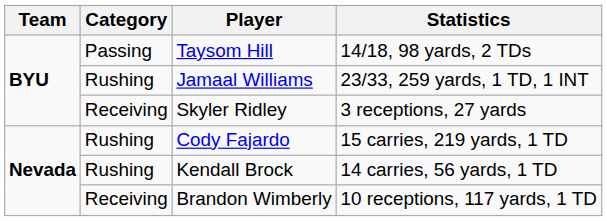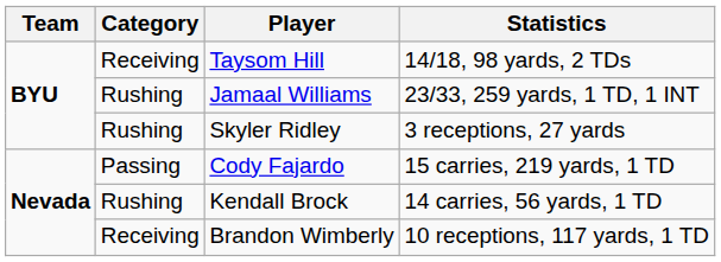 <table class="wikitable" style="float: left;">
 <tr>
 <th>Team</th>
 <th>Category</th>
 <th>Player</th>
 <th>Statistics</th>
 </tr>
 <tr>
 <td rowspan=3><strong>BYU</strong></td>
-<td>Passing</td>
+<td>Receiving</td>
 <td><a href='#'>Taysom Hill</a></td>
 <td>14/18, 98 yards, 2 TDs</td>
 </tr>
 <tr>
 <td>Rushing</td>
 <td><a href='#'>Jamaal Williams</a></td>
 <td>23/33, 259 yards, 1 TD, 1 INT</td>
 </tr>
 <tr>
-<td>Receiving</td>
+<td>Rushing</td>
 <td>Skyler Ridley</td>
 <td>3 receptions, 27 yards</td>
 </tr>
 <tr>
 <td rowspan=3><strong>Nevada</strong></td>
-<td>Rushing</td>
+<td>Passing</td>
 <td><a href='#'>Cody Fajardo</a></td>
 <td>15 carries, 219 yards, 1 TD</td>
 </tr>
 <tr>
 <td>Rushing</td>
 <td>Kendall Brock</td>
 <td>14 carries, 56 yards, 1 TD</td>
 </tr>
 <tr>
 <td>Receiving</td>
 <td>Brandon Wimberly</td>
 <td>10 receptions, 117 yards, 1 TD</td>
 </tr>
 </table>
